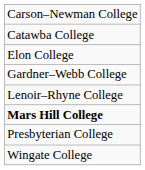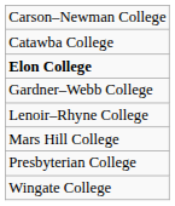 <table class="wikitable">
 <tr>
 <td>Carson–Newman College</td>
 </tr>
 <tr>
 <td>Catawba College</td>
 </tr>
 <tr>
-<td>Elon College</td>
+<td><strong>Elon College</strong></td>
 </tr>
 <tr>
 <td>Gardner–Webb College</td>
 </tr>
 <tr>
 <td>Lenoir–Rhyne College</td>
 </tr>
 <tr>
-<td><strong>Mars Hill College</strong></td>
+<td>Mars Hill College</td>
 </tr>
 <tr>
 <td>Presbyterian College</td>
 </tr>
 <tr>
 <td>Wingate College</td>
 </tr>
 </table>
